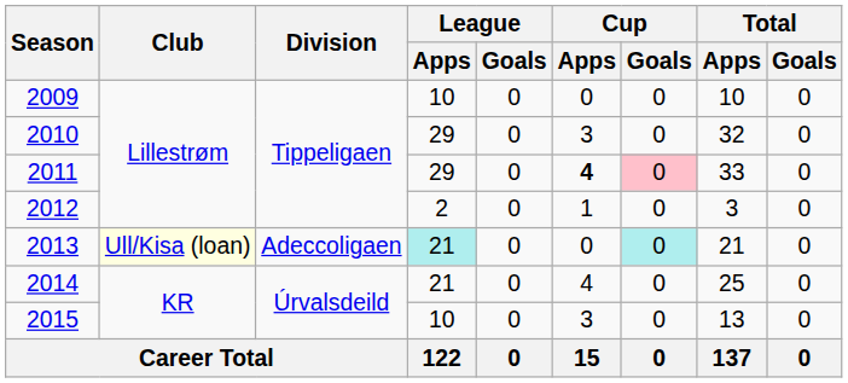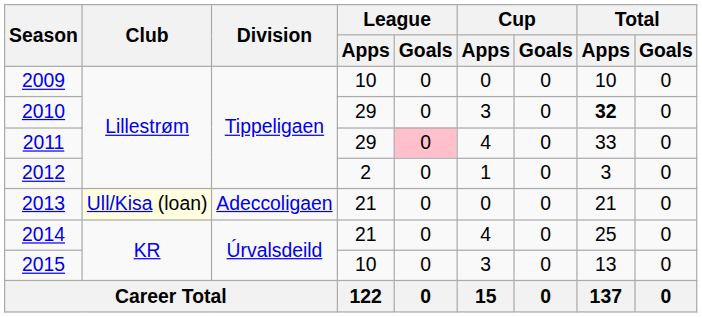 <table class="wikitable" style="text-align: center;">
 <tr>
 <th rowspan="2">Season</th>
 <th rowspan="2">Club</th>
 <th rowspan="2">Division</th>
 <th colspan="2">League</th>
 <th colspan="2">Cup</th>
 <th colspan="2">Total</th>
 </tr>
 <tr>
 <th>Apps</th>
 <th>Goals</th>
 <th>Apps</th>
 <th>Goals</th>
 <th>Apps</th>
 <th>Goals</th>
 </tr>
 <tr>
 <td><a href='#'>2009</a></td>
 <td rowspan="4" valign="center"><a href='#'>Lillestrøm</a></td>
 <td rowspan="4" valign="center"><a href='#'>Tippeligaen</a></td>
 <td>10</td>
 <td>0</td>
 <td>0</td>
 <td>0</td>
 <td>10</td>
 <td>0</td>
 </tr>
 <tr>
 <td><a href='#'>2010</a></td>
 <td>29</td>
 <td>0</td>
 <td>3</td>
 <td>0</td>
-<td>32</td>
+<td><strong>32</strong></td>
 <td>0</td>
 </tr>
 <tr>
 <td><a href='#'>2011</a></td>
 <td>29</td>
+<td style="background: pink;">0</td>
+<td>4</td>
 <td>0</td>
-<td><strong>4</strong></td>
-<td style="background: pink;">0</td>
 <td>33</td>
 <td>0</td>
 </tr>
 <tr>
 <td><a href='#'>2012</a></td>
 <td>2</td>
 <td>0</td>
 <td>1</td>
 <td>0</td>
 <td>3</td>
 <td>0</td>
 </tr>
 <tr>
 <td><a href='#'>2013</a></td>
 <td rowspan="1" valign="center" style="background: lightyellow;"><a href='#'>Ull/Kisa</a> (loan)</td>
 <td rowspan="1" valign="center"><a href='#'>Adeccoligaen</a></td>
-<td style="background: paleturquoise;">21</td>
+<td>21</td>
 <td>0</td>
 <td>0</td>
-<td style="background: paleturquoise;">0</td>
+<td>0</td>
 <td>21</td>
 <td>0</td>
 </tr>
 <tr>
 <td><a href='#'>2014</a></td>
 <td rowspan="2" valign="center"><a href='#'>KR</a></td>
 <td rowspan="2" valign="center"><a href='#'>Úrvalsdeild</a></td>
 <td>21</td>
 <td>0</td>
 <td>4</td>
 <td>0</td>
 <td>25</td>
 <td>0</td>
 </tr>
 <tr>
 <td><a href='#'>2015</a></td>
 <td>10</td>
 <td>0</td>
 <td>3</td>
 <td>0</td>
 <td>13</td>
 <td>0</td>
 </tr>
 <tr>
 <th colspan="3">Career Total</th>
 <th>122</th>
 <th>0</th>
 <th>15</th>
 <th>0</th>
 <th>137</th>
 <th>0</th>
 </tr>
 </table>
